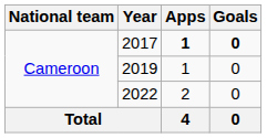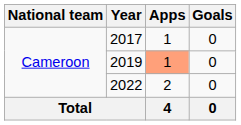 <table class=wikitable style="text-align: center">
 <tr>
 <th>National team</th>
 <th>Year</th>
 <th>Apps</th>
 <th>Goals</th>
 </tr>
 <tr>
 <td rowspan="3"><a href='#'>Cameroon</a></td>
 <td>2017</td>
-<td><strong>1</strong></td>
-<td><strong>0</strong></td>
+<td>1</td>
+<td>0</td>
 </tr>
 <tr>
 <td>2019</td>
-<td>1</td>
+<td style="background: lightsalmon;">1</td>
 <td>0</td>
 </tr>
 <tr>
 <td>2022</td>
 <td>2</td>
 <td>0</td>
 </tr>
 <tr>
 <th colspan="2">Total</th>
 <th>4</th>
 <th>0</th>
 </tr>
 </table>
